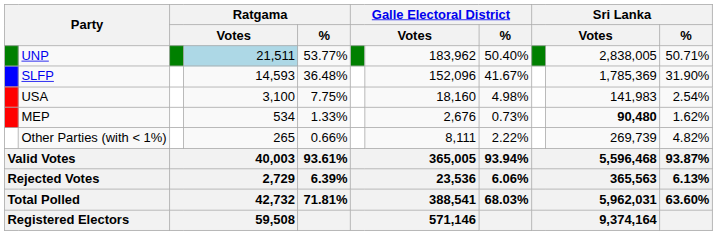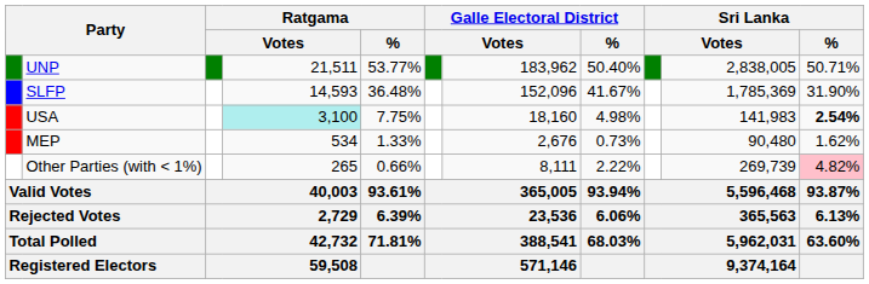 <table class="wikitable">
 <tr>
 <th colspan="2" width="144px"rowspan="2">Party</th>
 <th colspan="3" width="216px">Ratgama</th>
 <th colspan="3" width="216px"><a href='#'>Galle Electoral District</a></th>
 <th colspan="3" width="216px">Sri Lanka</th>
 </tr>
 <tr>
 <th colspan="2" width="144px">Votes</th>
 <th>%</th>
 <th colspan="2" width="144px">Votes</th>
 <th>%</th>
 <th colspan="2" width="144px">Votes</th>
 <th>%</th>
 </tr>
 <tr>
 <td style="background-color:green;" width="10px"></td>
 <td style="text-align:left;"><a href='#'>UNP</a></td>
 <td style="background-color:green;" width="10px"></td>
-<td style="background: lightblue; text-align:right;">21,511</td>
+<td style="text-align:right;">21,511</td>
 <td style="text-align:right;">53.77%</td>
 <td style="background-color:green;" width="10px"></td>
 <td style="text-align:right;">183,962</td>
 <td style="text-align:right;">50.40%</td>
 <td style="background-color:green;" width="10px"></td>
 <td style="text-align:right;">2,838,005</td>
 <td style="text-align:right;">50.71%</td>
 </tr>
 <tr>
 <td style="background-color:blue;" width="10px"></td>
 <td style="text-align:left;"><a href='#'>SLFP</a></td>
 <td style="background-color:white;" width="10px"></td>
 <td style="text-align:right;">14,593</td>
 <td style="text-align:right;">36.48%</td>
 <td style="background-color:white;" width="10px"></td>
 <td style="text-align:right;">152,096</td>
 <td style="text-align:right;">41.67%</td>
 <td style="background-color:white;" width="10px"></td>
 <td style="text-align:right;">1,785,369</td>
 <td style="text-align:right;">31.90%</td>
 </tr>
 <tr>
 <td style="background-color:red;" width="10px"></td>
 <td style="text-align:left;">USA</td>
 <td style="background-color:white;" width="10px"></td>
-<td style="text-align:right;">3,100</td>
+<td style="background: paleturquoise; text-align:right;">3,100</td>
 <td style="text-align:right;">7.75%</td>
 <td style="background-color:white;" width="10px"></td>
 <td style="text-align:right;">18,160</td>
 <td style="text-align:right;">4.98%</td>
 <td style="background-color:white;" width="10px"></td>
 <td style="text-align:right;">141,983</td>
-<td style="text-align:right;">2.54%</td>
+<td style="text-align:right;"><strong>2.54%</strong></td>
 </tr>
 <tr>
 <td style="background-color:red;" width="10px"></td>
 <td style="text-align:left;">MEP</td>
 <td style="background-color:white;" width="10px"></td>
 <td style="text-align:right;">534</td>
 <td style="text-align:right;">1.33%</td>
 <td style="background-color:white;" width="10px"></td>
 <td style="text-align:right;">2,676</td>
 <td style="text-align:right;">0.73%</td>
 <td style="background-color:white;" width="10px"></td>
-<td style="text-align:right;"><strong>90,480</strong></td>
+<td style="text-align:right;">90,480</td>
 <td style="text-align:right;">1.62%</td>
 </tr>
 <tr>
 <td style="background-color:white;" width="10px"></td>
 <td style="text-align:left;">Other Parties (with < 1%)</td>
 <td style="background-color:white;" width="10px"></td>
 <td style="text-align:right;">265</td>
 <td style="text-align:right;">0.66%</td>
 <td style="background-color:white;" width="10px"></td>
 <td style="text-align:right;">8,111</td>
 <td style="text-align:right;">2.22%</td>
 <td style="background-color:white;" width="10px"></td>
 <td style="text-align:right;">269,739</td>
-<td style="text-align:right;">4.82%</td>
+<td style="background: pink; text-align:right;">4.82%</td>
 </tr>
 <tr>
 <th colspan="2" width="144px"style="text-align:left;">Valid Votes</th>
 <th style="text-align:right;"colspan="2" width="144px">40,003</th>
 <th style="text-align:right;">93.61%</th>
 <th style="text-align:right;"colspan="2" width="144px">365,005</th>
 <th style="text-align:right;">93.94%</th>
 <th style="text-align:right;"colspan="2" width="144px">5,596,468</th>
 <th style="text-align:right;">93.87%</th>
 </tr>
 <tr>
 <th colspan="2" width="144px"style="text-align:left;">Rejected Votes</th>
 <th style="text-align:right;"colspan="2" width="144px">2,729</th>
 <th style="text-align:right;">6.39%</th>
 <th style="text-align:right;"colspan="2" width="144px">23,536</th>
 <th style="text-align:right;">6.06%</th>
 <th style="text-align:right;"colspan="2" width="144px">365,563</th>
 <th style="text-align:right;">6.13%</th>
 </tr>
 <tr>
 <th colspan="2" width="144px"style="text-align:left;">Total Polled</th>
 <th style="text-align:right;"colspan="2" width="144px">42,732</th>
 <th style="text-align:right;">71.81%</th>
 <th style="text-align:right;"colspan="2" width="144px">388,541</th>
 <th style="text-align:right;">68.03%</th>
 <th style="text-align:right;"colspan="2" width="144px">5,962,031</th>
 <th style="text-align:right;">63.60%</th>
 </tr>
 <tr>
 <th colspan="2" width="144px"style="text-align:left;">Registered Electors</th>
 <th style="text-align:right;"colspan="2" width="144px">59,508</th>
 <th></th>
 <th style="text-align:right;"colspan="2" width="144px">571,146</th>
 <th></th>
 <th style="text-align:right;"colspan="2" width="144px">9,374,164</th>
 <th></th>
 </tr>
 </table>
